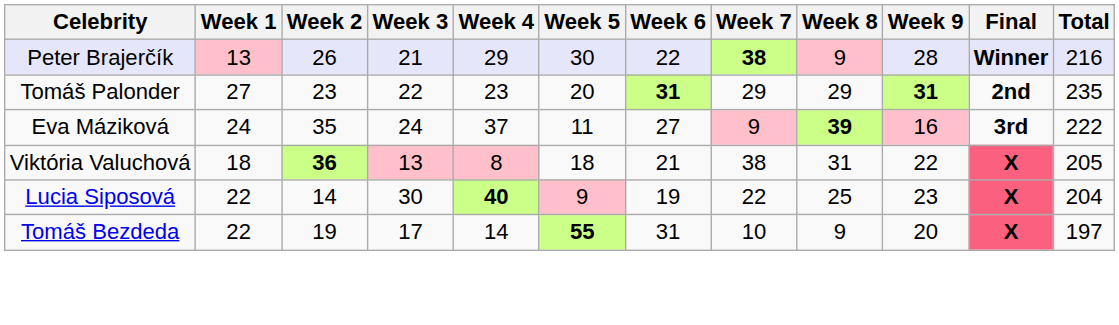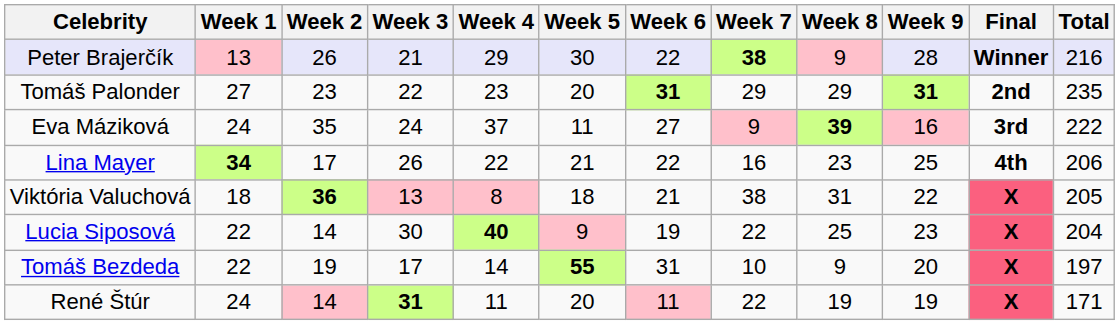 <table class="wikitable sortable" style="text-align:center">
 <tr>
 <th>Celebrity</th>
 <th>Week 1</th>
 <th>Week 2</th>
 <th>Week 3</th>
 <th>Week 4</th>
 <th>Week 5</th>
 <th>Week 6</th>
 <th>Week 7</th>
 <th>Week 8</th>
 <th>Week 9</th>
 <th>Final</th>
 <th>Total</th>
 </tr>
 <tr style="background:lavender">
 <td>Peter Brajerčík</td>
 <td style="background:pink">13</td>
 <td>26</td>
 <td>21</td>
 <td>29</td>
 <td>30</td>
 <td>22</td>
 <td data-sort-value=a; style="background:#ccff88"><strong>38</strong></td>
 <td data-sort-value=1; style="background:pink">9</td>
 <td>28</td>
 <td><strong>Winner</strong></td>
 <td>216</td>
 </tr>
 <tr>
 <td>Tomáš Palonder</td>
 <td>27</td>
 <td>23</td>
 <td>22</td>
 <td>23</td>
 <td>20</td>
 <td data-sort-value=a; style="background:#ccff88"><strong>31</strong></td>
 <td>29</td>
 <td>29</td>
 <td style="background:#ccff88"><strong>31</strong></td>
 <td><strong>2nd</strong></td>
 <td>235</td>
 </tr>
 <tr>
 <td>Eva Máziková</td>
 <td>24</td>
 <td>35</td>
 <td>24</td>
 <td>37</td>
 <td>11</td>
 <td>27</td>
 <td style="background:pink">9</td>
 <td style="background:#ccff88"><strong>39</strong></td>
 <td style="background:pink">16</td>
 <td><strong>3rd</strong></td>
 <td>222</td>
 </tr>
 <tr>
+<td><a href='#'>Lina Mayer</a></td>
+<td style="background:#ccff88"><strong>34</strong></td>
+<td>17</td>
+<td>26</td>
+<td>22</td>
+<td>21</td>
+<td>22</td>
+<td>16</td>
+<td>23</td>
+<td>25</td>
+<td><strong>4th</strong></td>
+<td>206</td>
+</tr>
+<tr>
 <td>Viktória Valuchová</td>
 <td>18</td>
 <td style="background:#ccff88"><strong>36</strong></td>
 <td style="background:pink">13</td>
 <td style="background:pink">8</td>
 <td>18</td>
 <td>21</td>
 <td>38</td>
 <td>31</td>
 <td>22</td>
 <td style="background:#FB607F;"><strong>X</strong></td>
 <td>205</td>
 </tr>
 <tr>
 <td><a href='#'>Lucia Siposová</a></td>
 <td>22</td>
 <td>14</td>
 <td>30</td>
 <td style="background:#ccff88"><strong>40</strong></td>
 <td style="background:pink">9</td>
 <td>19</td>
 <td>22</td>
 <td>25</td>
 <td>23</td>
 <td style="background:#FB607F;"><strong>X</strong></td>
 <td>204</td>
 </tr>
 <tr>
 <td><a href='#'>Tomáš Bezdeda</a></td>
 <td>22</td>
 <td>19</td>
 <td>17</td>
 <td>14</td>
 <td style="background:#ccff88"><strong>55</strong></td>
 <td>31</td>
 <td>10</td>
 <td>9</td>
 <td>20</td>
 <td style="background:#FB607F;"><strong>X</strong></td>
 <td>197</td>
 </tr>
+<tr>
+<td>René Štúr</td>
+<td>24</td>
+<td data-sort-value=1; style="background:pink">14</td>
+<td style="background:#ccff88"><strong>31</strong></td>
+<td>11</td>
+<td>20</td>
+<td style="background:pink">11</td>
+<td>22</td>
+<td>19</td>
+<td>19</td>
+<td style="background:#FB607F;"><strong>X</strong></td>
+<td>171</td>
+</tr>
 </table>
